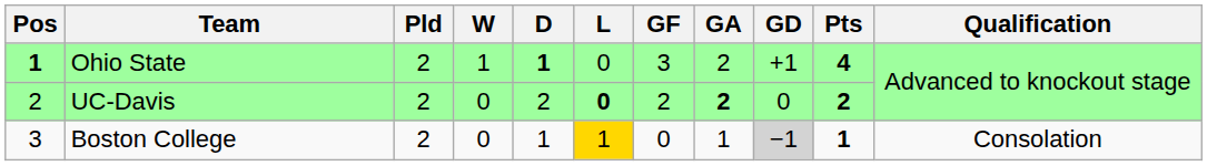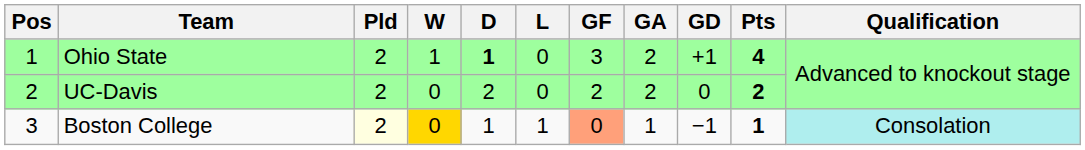 <table class="wikitable" style="text-align:center; margin: 1em auto">
 <tr>
 <th style=width:2em>Pos</th>
 <th style=width:13em>Team</th>
 <th style=width:2em>Pld</th>
 <th style=width:2em>W</th>
 <th style=width:2em>D</th>
 <th style=width:2em>L</th>
 <th style=width:2em>GF</th>
 <th style=width:2em>GA</th>
 <th style=width:2em>GD</th>
 <th style=width:2em>Pts</th>
 <th style=width:13em>Qualification</th>
 </tr>
 <tr bgcolor="#9eff9e">
-<td><strong>1</strong></td>
+<td>1</td>
 <td style="text-align:left">Ohio State</td>
 <td>2</td>
 <td>1</td>
 <td><strong>1</strong></td>
 <td>0</td>
 <td>3</td>
 <td>2</td>
 <td>+1</td>
 <td><strong>4</strong></td>
 <td rowspan="2">Advanced to knockout stage</td>
 </tr>
 <tr bgcolor="#9eff9e">
 <td>2</td>
 <td style="text-align:left">UC-Davis</td>
 <td>2</td>
 <td>0</td>
 <td>2</td>
-<td><strong>0</strong></td>
+<td>0</td>
 <td>2</td>
-<td><strong>2</strong></td>
+<td>2</td>
 <td>0</td>
 <td><strong>2</strong></td>
 </tr>
 <tr>
 <td>3</td>
 <td style="text-align:left">Boston College</td>
-<td>2</td>
-<td>0</td>
+<td style="background: lightyellow;">2</td>
+<td style="background: gold;">0</td>
 <td>1</td>
-<td style="background: gold;">1</td>
-<td>0</td>
 <td>1</td>
-<td style="background: lightgrey;">−1</td>
+<td style="background: lightsalmon;">0</td>
+<td>1</td>
+<td>−1</td>
 <td><strong>1</strong></td>
-<td>Consolation</td>
+<td style="background: paleturquoise;">Consolation</td>
 </tr>
 </table>
